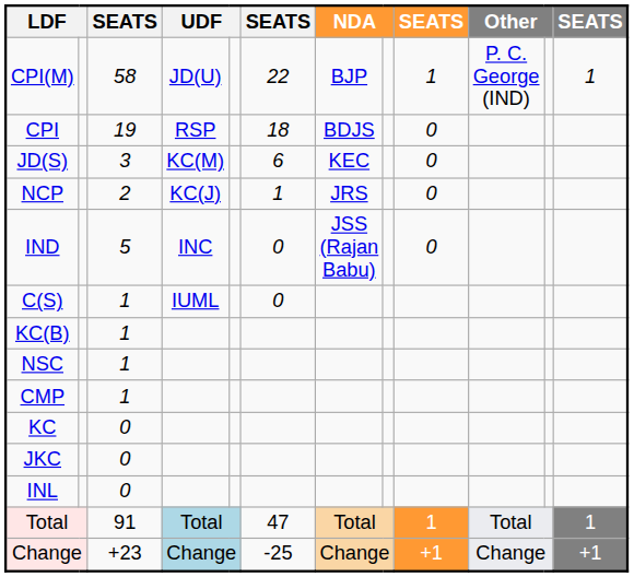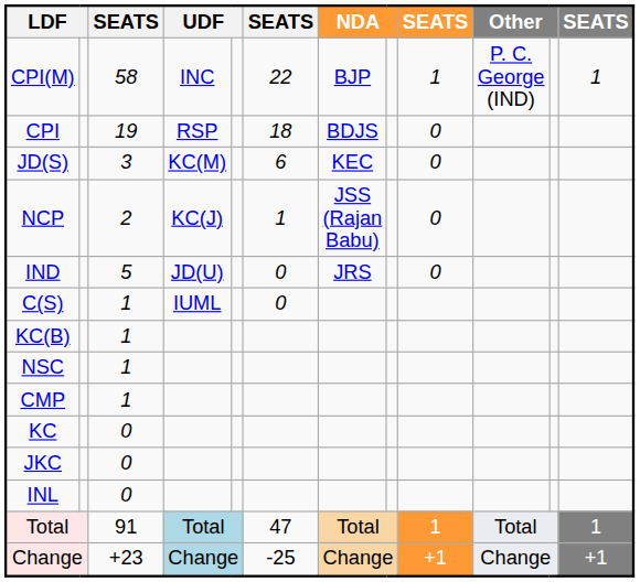 <table class="wikitable collapsible" border="1" cellspacing="0" cellpadding="2" width="35%" style="text-align:center; border-collapse: collapse; border: 2px #000000 solid; font-size: x-big">
 <tr>
 <th colspan="2" style="background:">LDF</th>
 <th style="background:">SEATS</th>
 <th colspan="2" style="background:">UDF</th>
 <th style="background:">SEATS</th>
 <th colspan="2" style="background:#FF9933; color:white;">NDA</th>
 <th style="background:#FF9933; color:white;">SEATS</th>
 <th colspan="2" style="background:grey; color:white;">Other</th>
 <th style="background:grey; color:white;">SEATS</th>
 </tr>
 <tr>
 <td><a href='#'>CPI(M)</a></td>
 <td width="3px" style="background-color: "></td>
 <td><em>58</em></td>
-<td><a href='#'>JD(U)</a></td>
+<td><a href='#'>INC</a></td>
 <td width="3px" style="background-color: "></td>
 <td><em>22</em></td>
 <td><a href='#'>BJP</a></td>
 <td width="3px" style="background-color: "></td>
 <td><em>1</em></td>
 <td><a href='#'>P. C. George</a> (IND)</td>
 <td width="3px" style="background-color: "></td>
 <td><em>1</em></td>
 </tr>
 <tr>
 <td><a href='#'>CPI</a></td>
 <td width="3px" style="background-color: "></td>
 <td><em>19</em></td>
 <td><a href='#'>RSP</a></td>
 <td width="3px" style="background-color: "></td>
 <td><em>18</em></td>
 <td><a href='#'>BDJS</a></td>
 <td width="3px" style="background-color: "></td>
 <td><em>0</em></td>
 <td></td>
 <td></td>
 <td></td>
 </tr>
 <tr>
 <td><a href='#'>JD(S)</a></td>
 <td width="3px" style="background-color: "></td>
 <td><em>3</em></td>
 <td><a href='#'>KC(M)</a></td>
 <td width="3px" style="background-color: "></td>
 <td><em>6</em></td>
 <td><a href='#'>KEC</a></td>
 <td width="3px" style="background-color: "></td>
 <td><em>0</em></td>
 <td></td>
 <td></td>
 <td></td>
 </tr>
 <tr>
 <td><a href='#'>NCP</a></td>
 <td width="3px" style="background-color: "></td>
 <td><em>2</em></td>
 <td><a href='#'>KC(J)</a></td>
 <td width="3px" style="background-color: "></td>
 <td><em>1</em></td>
-<td><a href='#'>JRS</a></td>
+<td><a href='#'>JSS (Rajan Babu)</a></td>
 <td width="3px" style="background-color: "></td>
 <td><em>0</em></td>
 <td></td>
 <td></td>
 <td></td>
 </tr>
 <tr>
 <td><a href='#'>IND</a></td>
 <td width="3px" style="background-color: "></td>
 <td><em>5</em></td>
-<td><a href='#'>INC</a></td>
+<td><a href='#'>JD(U)</a></td>
 <td width="3px" style="background-color: "></td>
 <td><em>0</em></td>
-<td><a href='#'>JSS (Rajan Babu)</a></td>
+<td><a href='#'>JRS</a></td>
 <td width="3px" style="background-color: "></td>
 <td><em>0</em></td>
 <td></td>
 <td></td>
 <td></td>
 </tr>
 <tr>
 <td><a href='#'>C(S)</a></td>
 <td width="3px" style="background-color: "></td>
 <td><em>1</em></td>
 <td><a href='#'>IUML</a></td>
 <td width="3px" style="background-color: "></td>
 <td><em>0</em></td>
 <td></td>
 <td></td>
 <td></td>
 <td></td>
 <td></td>
 <td></td>
 </tr>
 <tr>
 <td><a href='#'>KC(B)</a></td>
 <td width="3px" style="background-color: "></td>
 <td><em>1</em></td>
 <td></td>
 <td></td>
 <td></td>
 <td></td>
 <td></td>
 <td></td>
 <td></td>
 <td></td>
 <td></td>
 </tr>
 <tr>
 <td><a href='#'>NSC</a></td>
 <td width="3px" style="background-color: "></td>
 <td><em>1</em></td>
 <td></td>
 <td></td>
 <td></td>
 <td></td>
 <td></td>
 <td></td>
 <td></td>
 <td></td>
 <td></td>
 </tr>
 <tr>
 <td><a href='#'>CMP</a></td>
 <td width="3px" style="background-color: "></td>
 <td><em>1</em></td>
 <td></td>
 <td></td>
 <td></td>
 <td></td>
 <td></td>
 <td></td>
 <td></td>
 <td></td>
 <td></td>
 </tr>
 <tr>
 <td><a href='#'>KC</a></td>
 <td width="3px" style="background-color: "></td>
 <td><em>0</em></td>
 <td></td>
 <td></td>
 <td></td>
 <td></td>
 <td></td>
 <td></td>
 <td></td>
 <td></td>
 <td></td>
 </tr>
 <tr>
 <td><a href='#'>JKC</a></td>
 <td width="3px" style="background-color: "></td>
 <td><em>0</em></td>
 <td></td>
 <td></td>
 <td></td>
 <td></td>
 <td></td>
 <td></td>
 <td></td>
 <td></td>
 <td></td>
 </tr>
 <tr>
 <td><a href='#'>INL</a></td>
 <td width="3px" style="background-color: "></td>
 <td><em>0</em></td>
 <td></td>
 <td></td>
 <td></td>
 <td></td>
 <td></td>
 <td></td>
 <td></td>
 <td></td>
 <td></td>
 </tr>
 <tr>
 <td colspan="2" style="background:#ffe6e6;">Total</td>
 <td style="background:">91</td>
 <td colspan="2" style="background:#ADD8E6">Total</td>
 <td style="background:">47</td>
 <td colspan="2" style="background:#FAD6A5">Total</td>
 <td style="background:#FF9933; color:white;">1</td>
 <td colspan="2" style="background:#EBECF0">Total</td>
 <td style="background:grey; color:white;">1</td>
 </tr>
 <tr>
 <td colspan="2" style="background:#ffe6e6;">Change</td>
 <td style="background:">+23</td>
 <td colspan="2" style="background:#ADD8E6">Change</td>
 <td style="background:">-25</td>
 <td colspan="2" style="background:#FAD6A5">Change</td>
 <td style="background:#FF9933; color:white;">+1</td>
 <td colspan="2" style="background:#EBECF0">Change</td>
 <td style="background:grey; color:white;">+1</td>
 </tr>
 </table>
